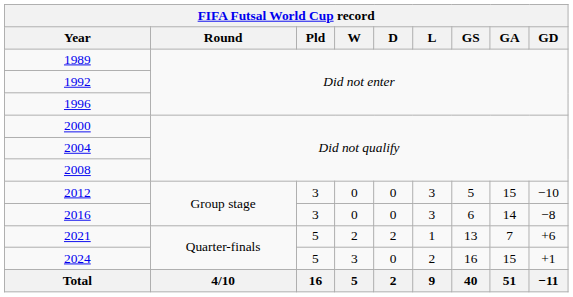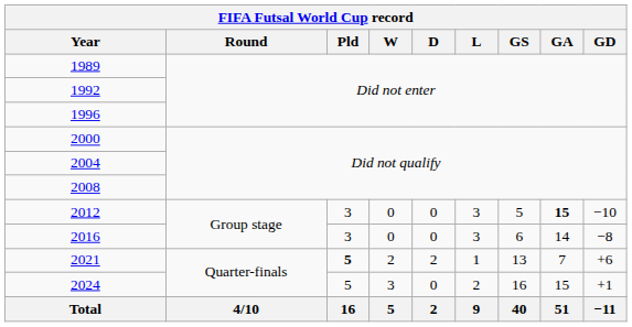 <table class="wikitable" style="text-align: center;font-size:90%;">
 <tr>
 <th colspan=9><a href='#'>FIFA Futsal World Cup</a> record</th>
 </tr>
 <tr>
 <th width=150>Year</th>
 <th width=150>Round</th>
 <th width=35>Pld</th>
 <th width=35>W</th>
 <th width=35>D</th>
 <th width=35>L</th>
 <th width=35>GS</th>
 <th width=35>GA</th>
 <th width=35>GD</th>
 </tr>
 <tr>
 <td> <a href='#'>1989</a></td>
 <td colspan=8 rowspan=3><em>Did not enter</em></td>
 </tr>
 <tr>
 <td> <a href='#'>1992</a></td>
 </tr>
 <tr>
 <td> <a href='#'>1996</a></td>
 </tr>
 <tr>
 <td> <a href='#'>2000</a></td>
 <td colspan=8 rowspan=3><em>Did not qualify</em></td>
 </tr>
 <tr>
 <td> <a href='#'>2004</a></td>
 </tr>
 <tr>
 <td> <a href='#'>2008</a></td>
 </tr>
 <tr>
 <td> <a href='#'>2012</a></td>
 <td rowspan=2>Group stage</td>
 <td>3</td>
 <td>0</td>
 <td>0</td>
 <td>3</td>
 <td>5</td>
-<td>15</td>
+<td><strong>15</strong></td>
 <td>−10</td>
 </tr>
 <tr>
 <td> <a href='#'>2016</a></td>
 <td>3</td>
 <td>0</td>
 <td>0</td>
 <td>3</td>
 <td>6</td>
 <td>14</td>
 <td>−8</td>
 </tr>
 <tr>
 <td> <a href='#'>2021</a></td>
 <td rowspan=2>Quarter-finals</td>
-<td>5</td>
+<td><strong>5</strong></td>
 <td>2</td>
 <td>2</td>
 <td>1</td>
 <td>13</td>
 <td>7</td>
 <td>+6</td>
 </tr>
 <tr>
 <td> <a href='#'>2024</a></td>
 <td>5</td>
 <td>3</td>
 <td>0</td>
 <td>2</td>
 <td>16</td>
 <td>15</td>
 <td>+1</td>
 </tr>
 <tr>
 <th><strong>Total</strong></th>
 <th>4/10</th>
 <th>16</th>
 <th>5</th>
 <th>2</th>
 <th>9</th>
 <th>40</th>
 <th>51</th>
 <th>−11</th>
 </tr>
 </table>
